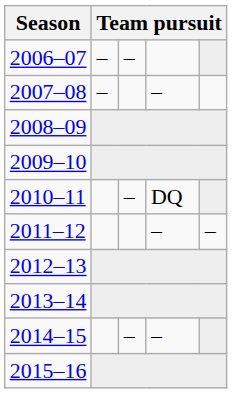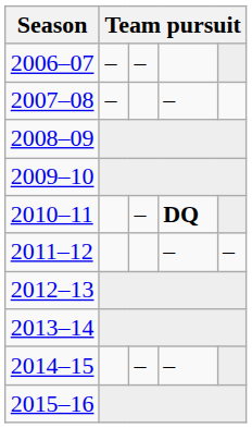 <table class="wikitable" style="display: inline-table;">
 <tr>
 <th>Season</th>
 <th colspan="4">Team pursuit</th>
 </tr>
 <tr>
 <td><a href='#'>2006–07</a></td>
 <td>–</td>
 <td>–</td>
 <td></td>
 <td colspan="1" bgcolor=#EEEEEE></td>
 </tr>
 <tr>
 <td><a href='#'>2007–08</a></td>
 <td>–</td>
 <td></td>
 <td>–</td>
 <td></td>
 </tr>
 <tr>
 <td><a href='#'>2008–09</a></td>
 <td colspan="4" bgcolor=#EEEEEE></td>
 </tr>
 <tr>
 <td><a href='#'>2009–10</a></td>
 <td colspan="4" bgcolor=#EEEEEE></td>
 </tr>
 <tr>
 <td><a href='#'>2010–11</a></td>
 <td></td>
 <td>–</td>
-<td>DQ</td>
+<td><strong>DQ</strong></td>
 <td colspan="1" bgcolor=#EEEEEE></td>
 </tr>
 <tr>
 <td><a href='#'>2011–12</a></td>
 <td></td>
 <td></td>
 <td>–</td>
 <td>–</td>
 </tr>
 <tr>
 <td><a href='#'>2012–13</a></td>
 <td colspan="4" bgcolor=#EEEEEE></td>
 </tr>
 <tr>
 <td><a href='#'>2013–14</a></td>
 <td colspan="4" bgcolor=#EEEEEE></td>
 </tr>
 <tr>
 <td><a href='#'>2014–15</a></td>
 <td></td>
 <td>–</td>
 <td>–</td>
 <td colspan="1" bgcolor=#EEEEEE></td>
 </tr>
 <tr>
 <td><a href='#'>2015–16</a></td>
 <td colspan="4" bgcolor=#EEEEEE></td>
 </tr>
 </table>
